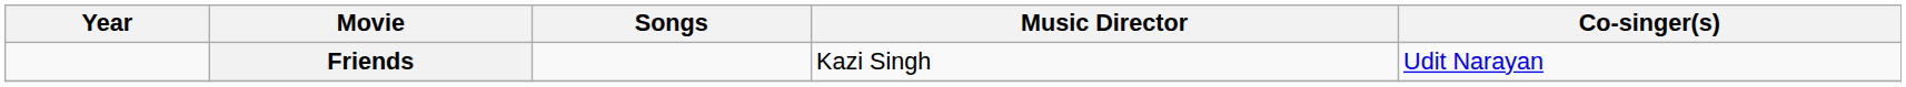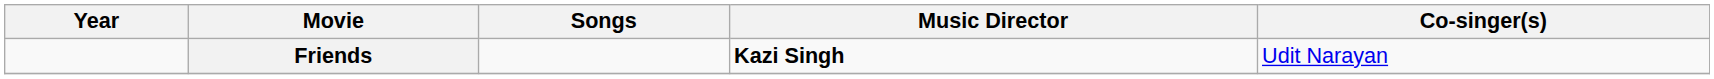 <table class="wikitable sortable" style="width:100%;">
 <tr>
 <th>Year</th>
 <th>Movie</th>
 <th>Songs</th>
 <th>Music Director</th>
 <th>Co-singer(s)</th>
 </tr>
 <tr>
 <td></td>
 <th>Friends</th>
 <td></td>
-<td>Kazi Singh</td>
+<td><strong>Kazi Singh</strong></td>
 <td><a href='#'>Udit Narayan</a></td>
 </tr>
 <tr>
 </tr>
 </table>
